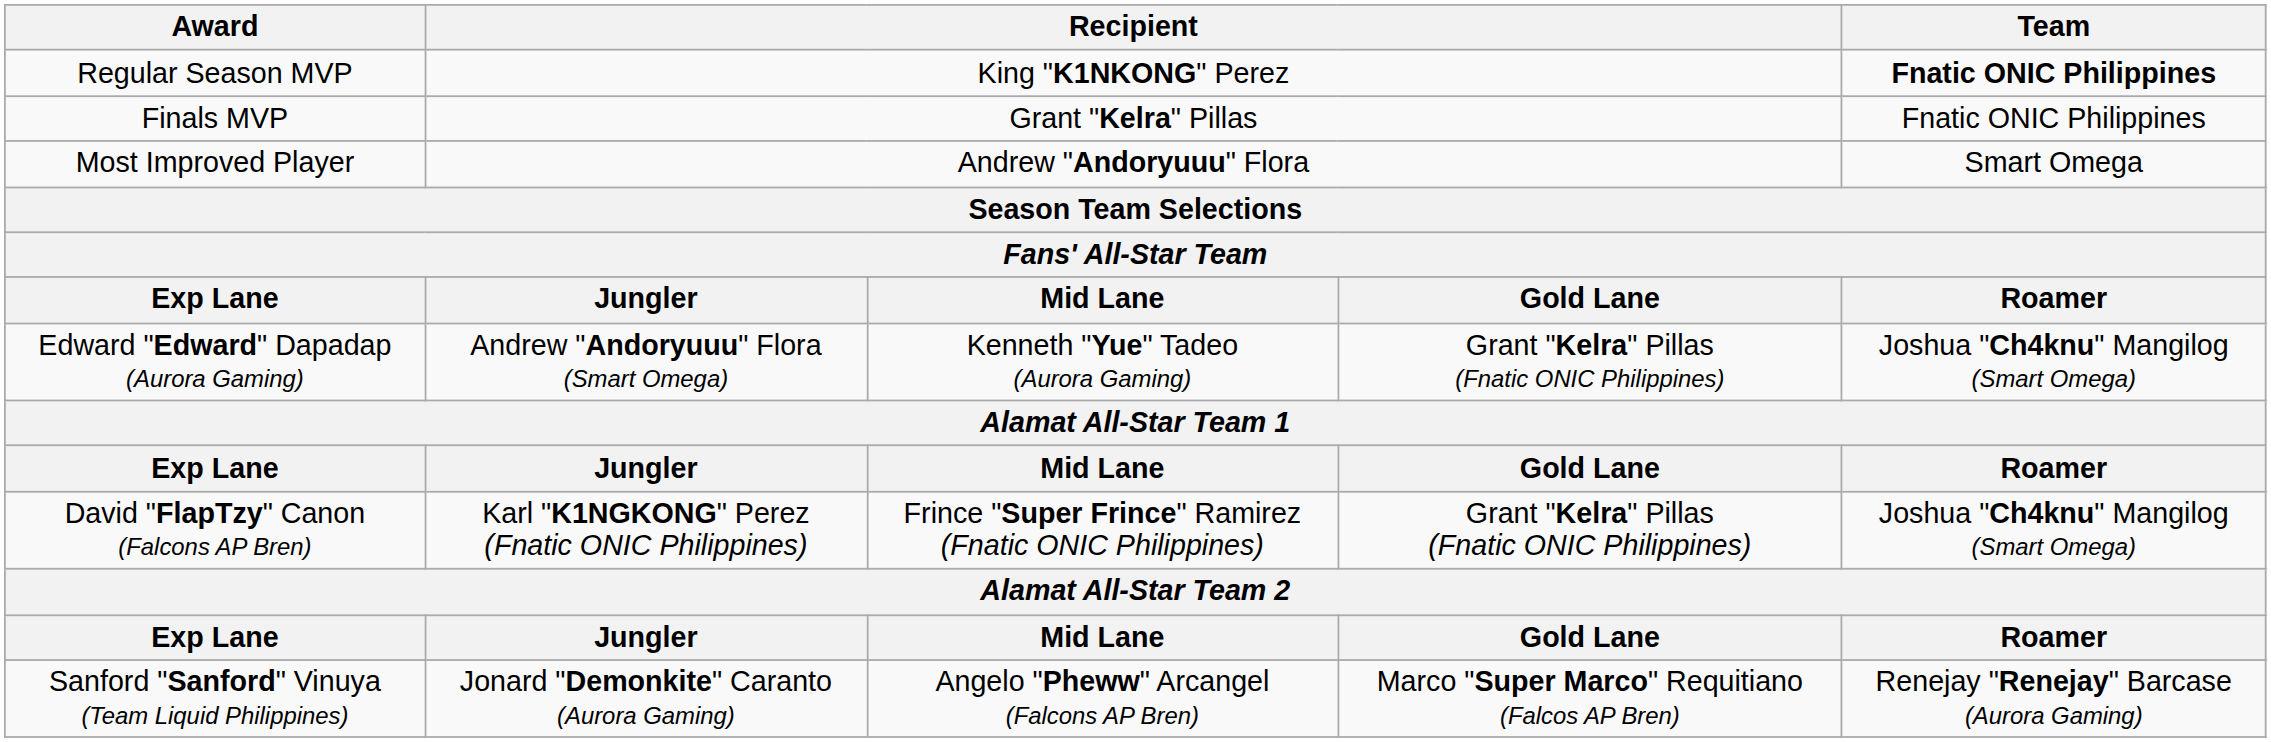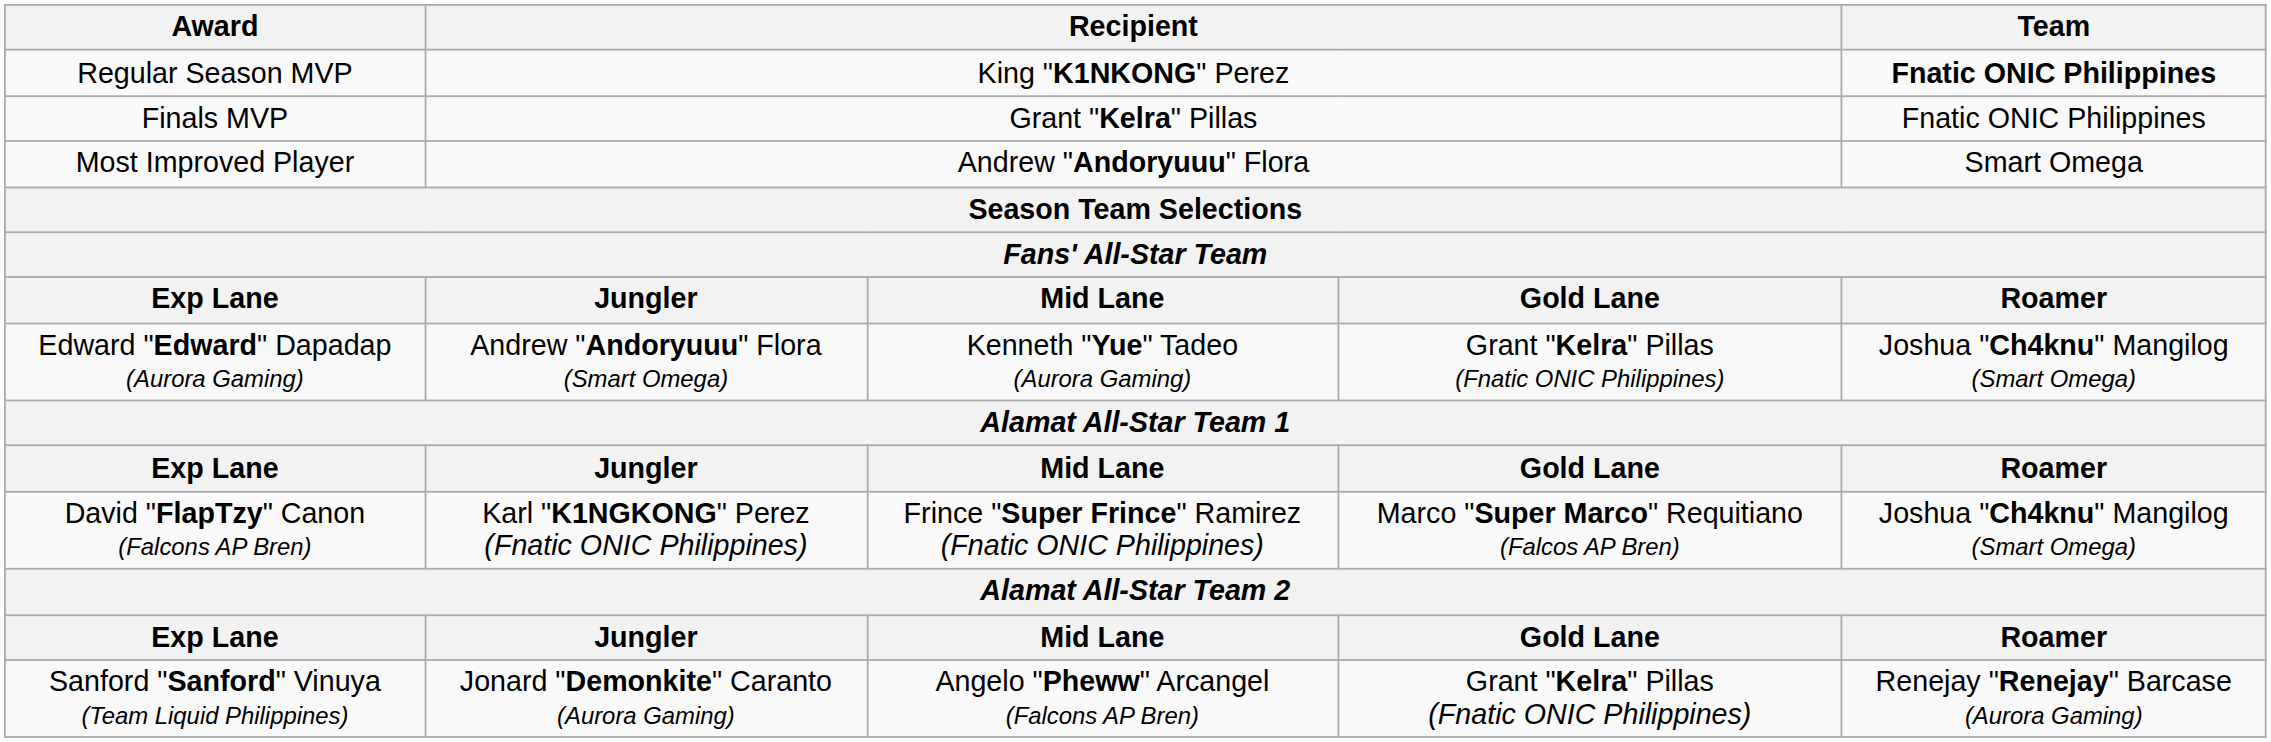 <table class="wikitable" style="text-align:center; width:100%; height:350px;">
 <tr>
 <th>Award</th>
 <th colspan="3">Recipient</th>
 <th>Team</th>
 </tr>
 <tr>
 <td>Regular Season MVP</td>
 <td colspan="3">King "<strong>K1NKONG</strong>" Perez</td>
 <td><strong>Fnatic ONIC Philippines</strong></td>
 </tr>
 <tr>
 <td>Finals MVP</td>
 <td colspan="3">Grant "<strong>Kelra</strong>" Pillas</td>
 <td>Fnatic ONIC Philippines</td>
 </tr>
 <tr>
 <td>Most Improved Player</td>
 <td colspan="3">Andrew "<strong>Andoryuuu</strong>" Flora</td>
 <td>Smart Omega</td>
 </tr>
 <tr>
 <th colspan="5">Season Team Selections</th>
 </tr>
 <tr>
 <th colspan="5"><em>Fans' All-Star Team</em></th>
 </tr>
 <tr>
 <th>Exp Lane</th>
 <th>Jungler</th>
 <th>Mid Lane</th>
 <th>Gold Lane</th>
 <th>Roamer</th>
 </tr>
 <tr>
 <td>Edward "<strong>Edward</strong>" Dapadap<br><small><em>(Aurora Gaming)</em></small></td>
 <td>Andrew "<strong>Andoryuuu</strong>" Flora<br><small><em>(Smart Omega)</em></small></td>
 <td>Kenneth "<strong>Yue</strong>" Tadeo<br><small><em>(Aurora Gaming)</em></small></td>
 <td>Grant "<strong>Kelra</strong>" Pillas<br><small><em>(Fnatic ONIC Philippines)</em></small></td>
 <td>Joshua "<strong>Ch4knu</strong>" Mangilog<br><small><em>(Smart Omega)</em></small></td>
 </tr>
 <tr>
 <th colspan="5"><em>Alamat All-Star Team 1</em></th>
 </tr>
 <tr>
 <th>Exp Lane</th>
 <th>Jungler</th>
 <th>Mid Lane</th>
 <th>Gold Lane</th>
 <th>Roamer</th>
 </tr>
 <tr>
 <td>David "<strong>FlapTzy</strong>" Canon<br><small><em>(Falcons AP Bren)</em></small></td>
 <td>Karl "<strong>K1NGKONG</strong>" Perez<br><em>(Fnatic ONIC Philippines)</em></td>
 <td>Frince "<strong>Super Frince</strong>" Ramirez<br><em>(Fnatic ONIC Philippines)</em></td>
-<td>Grant "<strong>Kelra</strong>" Pillas<br><em>(Fnatic ONIC Philippines)</em></td>
+<td>Marco "<strong>Super Marco</strong>" Requitiano<br><small><em>(Falcos AP Bren)</em></small></td>
 <td>Joshua "<strong>Ch4knu</strong>" Mangilog<br><small><em>(Smart Omega)</em></small></td>
 </tr>
 <tr>
 <th colspan="5"><em>Alamat All-Star Team 2</em></th>
 </tr>
 <tr>
 <th>Exp Lane</th>
 <th>Jungler</th>
 <th>Mid Lane</th>
 <th>Gold Lane</th>
 <th>Roamer</th>
 </tr>
 <tr>
 <td>Sanford "<strong>Sanford</strong>" Vinuya<br><small><em>(Team Liquid Philippines)</em></small></td>
 <td>Jonard "<strong>Demonkite</strong>" Caranto<br><small><em>(Aurora Gaming)</em></small></td>
 <td>Angelo "<strong>Pheww</strong>" Arcangel<br><small><em>(Falcons AP Bren)</em></small></td>
-<td>Marco "<strong>Super Marco</strong>" Requitiano<br><small><em>(Falcos AP Bren)</em></small></td>
+<td>Grant "<strong>Kelra</strong>" Pillas<br><em>(Fnatic ONIC Philippines)</em></td>
 <td>Renejay "<strong>Renejay</strong>" Barcase<br><small><em>(Aurora Gaming)</em></small></td>
 </tr>
 </table>
